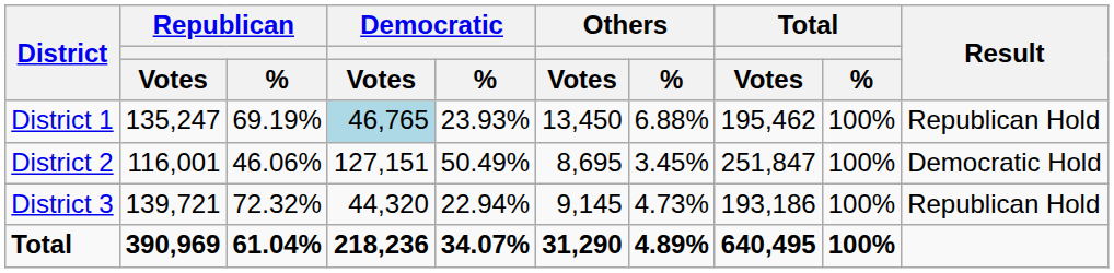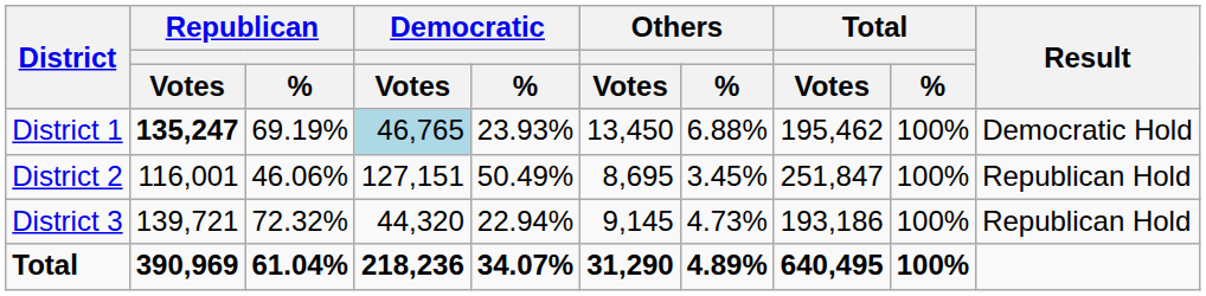 <table class="wikitable plainrowheaders sortable" style="font-size:100%; text-align:right;">
 <tr>
 <th scope=col rowspan=3><a href='#'>District</a></th>
 <th scope=col colspan=2><a href='#'>Republican</a></th>
 <th scope=col colspan=2><a href='#'>Democratic</a></th>
 <th scope=col colspan=2>Others</th>
 <th scope=col colspan=2>Total</th>
 <th scope=col rowspan=3>Result</th>
 </tr>
 <tr>
 <th scope=col colspan=2 style="background:"></th>
 <th scope=col colspan=2 style="background:"></th>
 <th scope=col colspan=2></th>
 <th scope=col colspan=2></th>
 </tr>
 <tr>
 <th scope=col data-sort-type="number">Votes</th>
 <th scope=col data-sort-type="number">%</th>
 <th scope=col data-sort-type="number">Votes</th>
 <th scope=col data-sort-type="number">%</th>
 <th scope=col data-sort-type="number">Votes</th>
 <th scope=col data-sort-type="number">%</th>
 <th scope=col data-sort-type="number">Votes</th>
 <th scope=col data-sort-type="number">%</th>
 </tr>
 <tr>
 <td align=left><a href='#'>District 1</a></td>
-<td>135,247</td>
+<td><strong>135,247</strong></td>
 <td>69.19%</td>
 <td style="background: lightblue;">46,765</td>
 <td>23.93%</td>
 <td>13,450</td>
 <td>6.88%</td>
 <td>195,462</td>
 <td>100%</td>
-<td align=left>Republican Hold</td>
+<td align=left>Democratic Hold</td>
 </tr>
 <tr>
 <td align=left><a href='#'>District 2</a></td>
 <td>116,001</td>
 <td>46.06%</td>
 <td>127,151</td>
 <td>50.49%</td>
 <td>8,695</td>
 <td>3.45%</td>
 <td>251,847</td>
 <td>100%</td>
-<td align=left>Democratic Hold</td>
+<td align=left>Republican Hold</td>
 </tr>
 <tr>
 <td align=left><a href='#'>District 3</a></td>
 <td>139,721</td>
 <td>72.32%</td>
 <td>44,320</td>
 <td>22.94%</td>
 <td>9,145</td>
 <td>4.73%</td>
 <td>193,186</td>
 <td>100%</td>
 <td align=left>Republican Hold</td>
 </tr>
 <tr class="sortbottom" style="font-weight:bold">
 <td align=left>Total</td>
 <td>390,969</td>
 <td>61.04%</td>
 <td>218,236</td>
 <td>34.07%</td>
 <td>31,290</td>
 <td>4.89%</td>
 <td>640,495</td>
 <td>100%</td>
 <td></td>
 </tr>
 </table>
